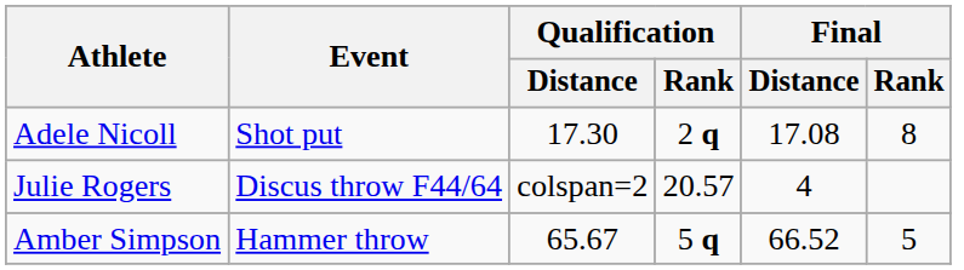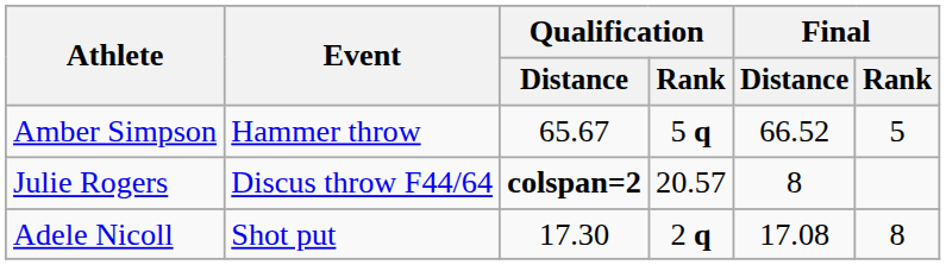 <table class="wikitable" style="font-size:90%; text-align:center">
 <tr>
 <th rowspan=2>Athlete</th>
 <th rowspan=2>Event</th>
 <th colspan=2>Qualification</th>
 <th colspan=2>Final</th>
 </tr>
 <tr style="font-size:95%">
 <th>Distance</th>
 <th>Rank</th>
 <th>Distance</th>
 <th>Rank</th>
 </tr>
 <tr>
+<td align=left><a href='#'>Amber Simpson</a></td>
+<td align=left><a href='#'>Hammer throw</a></td>
+<td>65.67</td>
+<td>5 <strong>q</strong></td>
+<td>66.52</td>
+<td>5</td>
+</tr>
+<tr>
+<td align=left><a href='#'>Julie Rogers</a></td>
+<td align=left><a href='#'>Discus throw F44/64</a></td>
+<td><strong>colspan=2 </strong></td>
+<td>20.57</td>
+<td>8</td>
+</tr>
+<tr>
 <td align=left><a href='#'>Adele Nicoll</a></td>
 <td align=left><a href='#'>Shot put</a></td>
 <td>17.30</td>
 <td>2 <strong>q</strong></td>
 <td>17.08</td>
 <td>8</td>
 </tr>
-<tr>
-<td align=left><a href='#'>Julie Rogers</a></td>
-<td align=left><a href='#'>Discus throw F44/64</a></td>
-<td>colspan=2 </td>
-<td>20.57</td>
-<td>4</td>
-</tr>
-<tr>
-<td align=left><a href='#'>Amber Simpson</a></td>
-<td align=left><a href='#'>Hammer throw</a></td>
-<td>65.67</td>
-<td>5 <strong>q</strong></td>
-<td>66.52</td>
-<td>5</td>
-</tr>
 </table>
